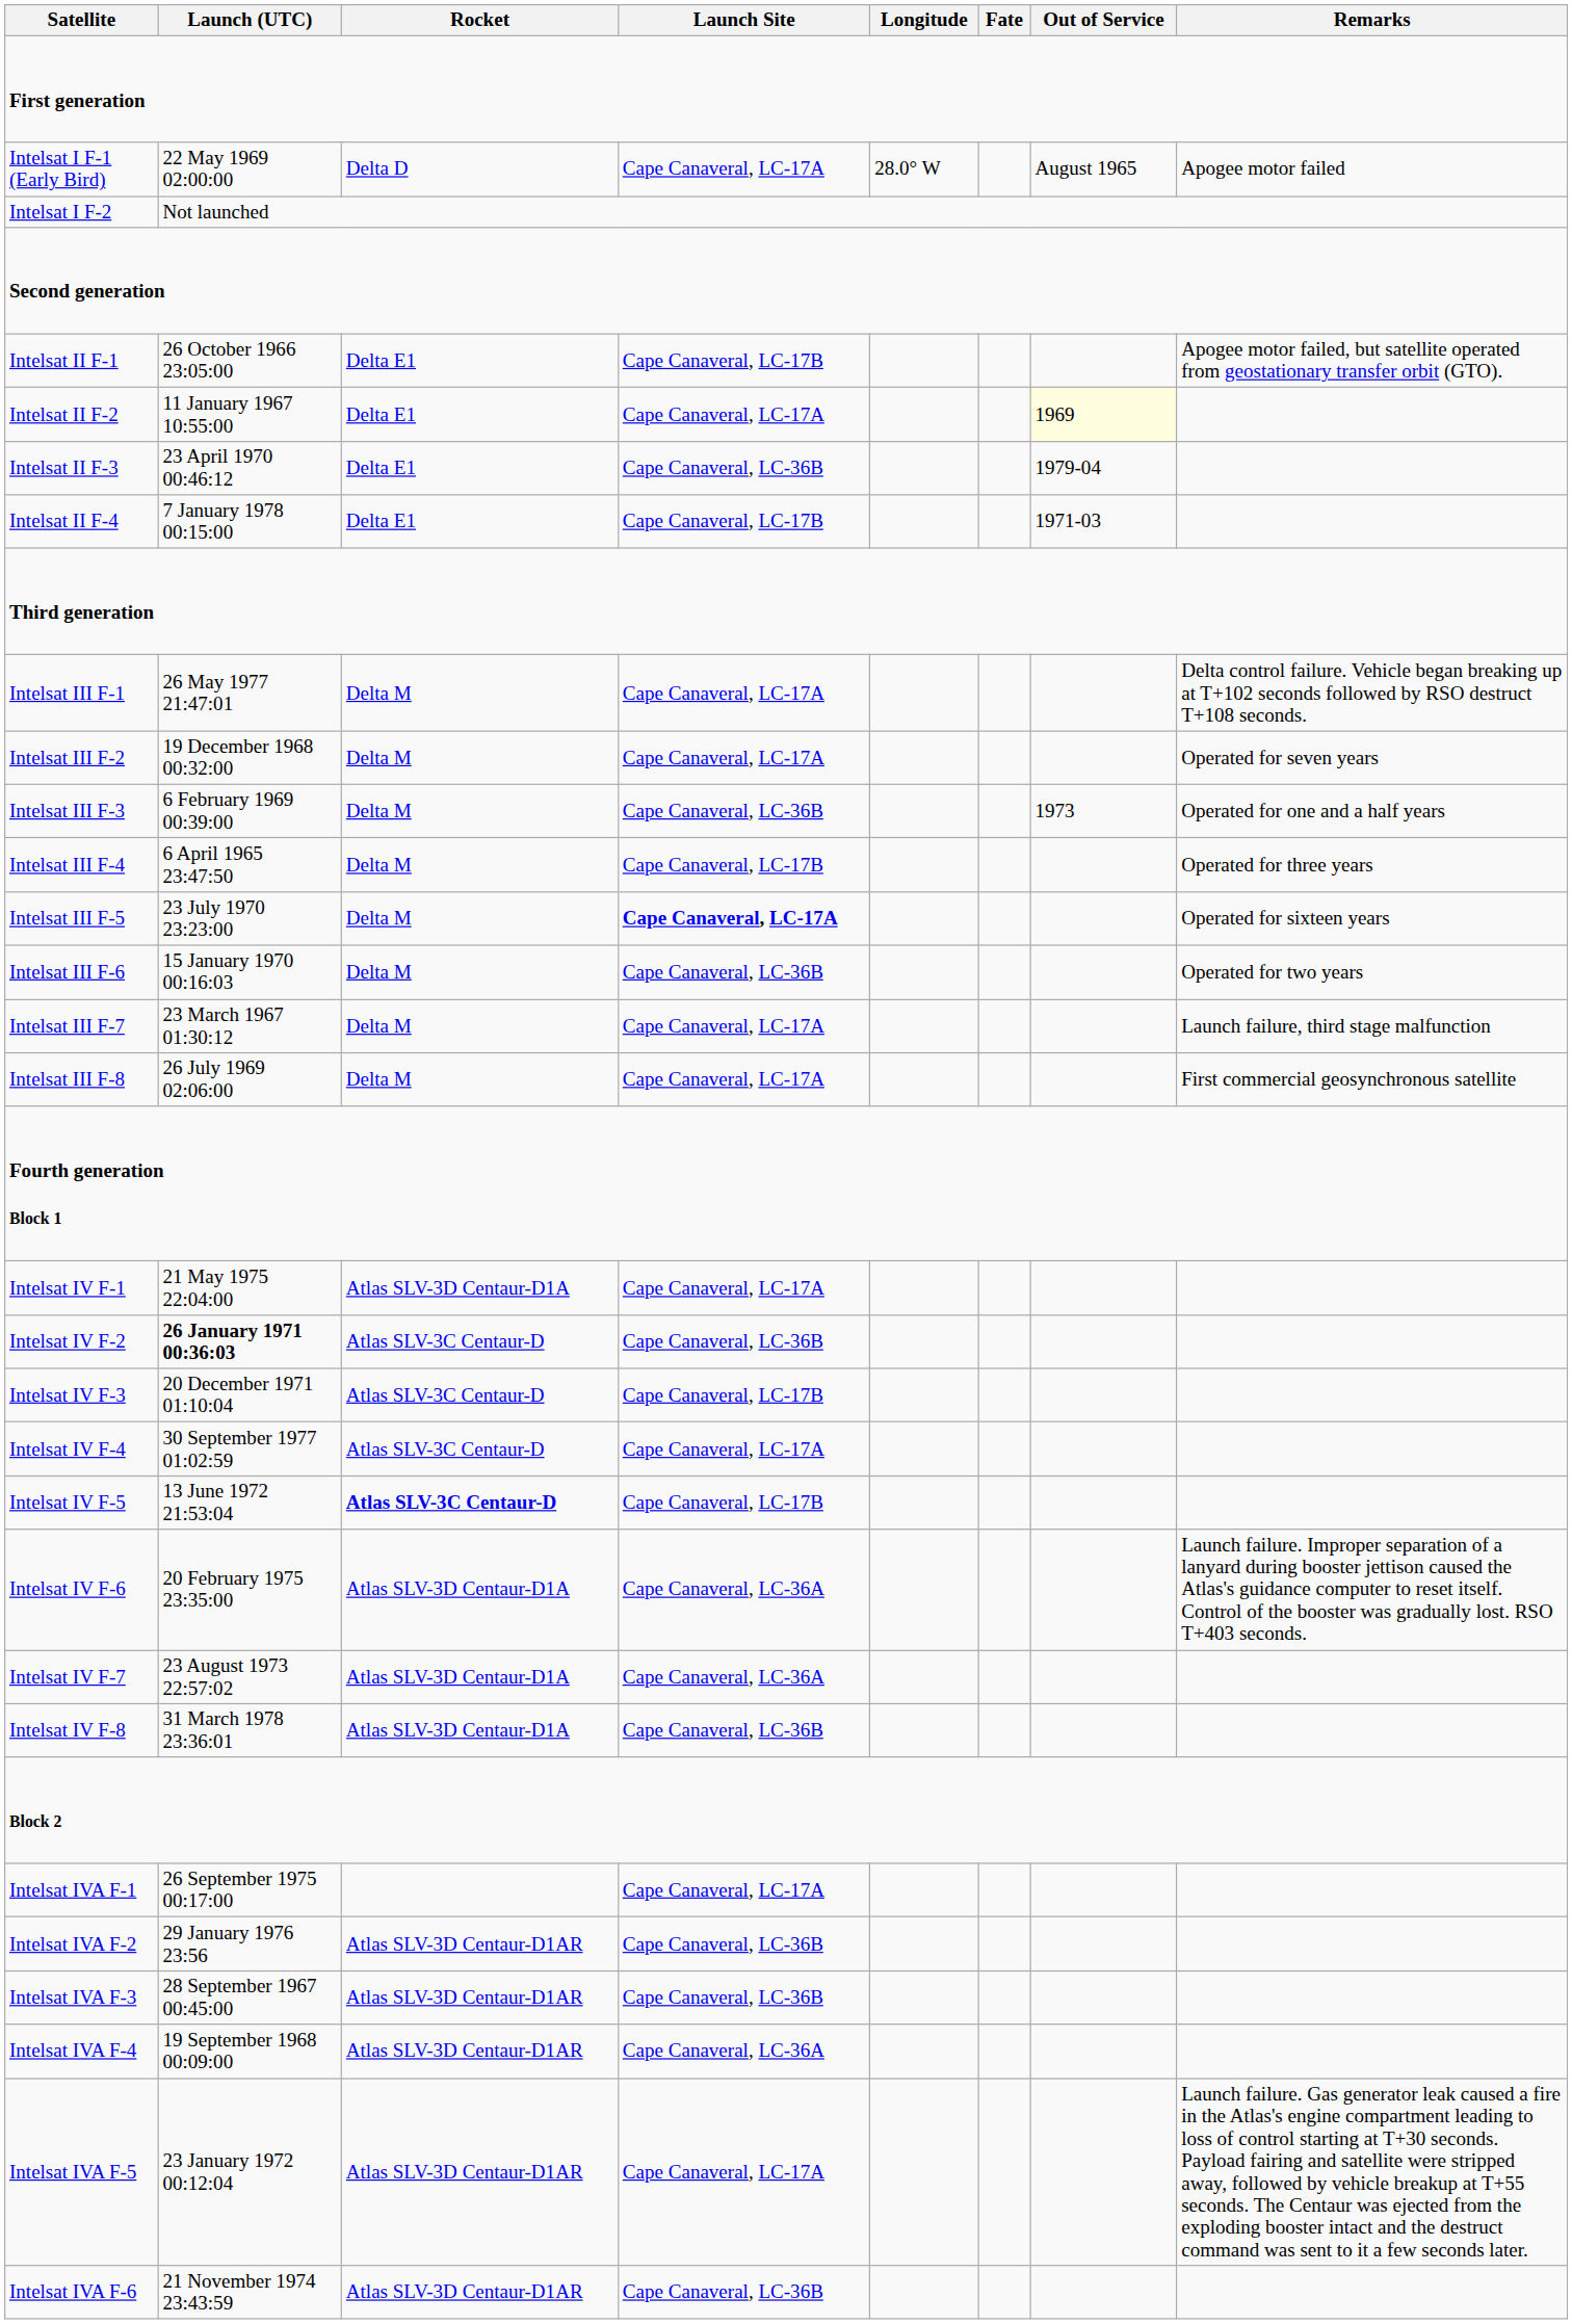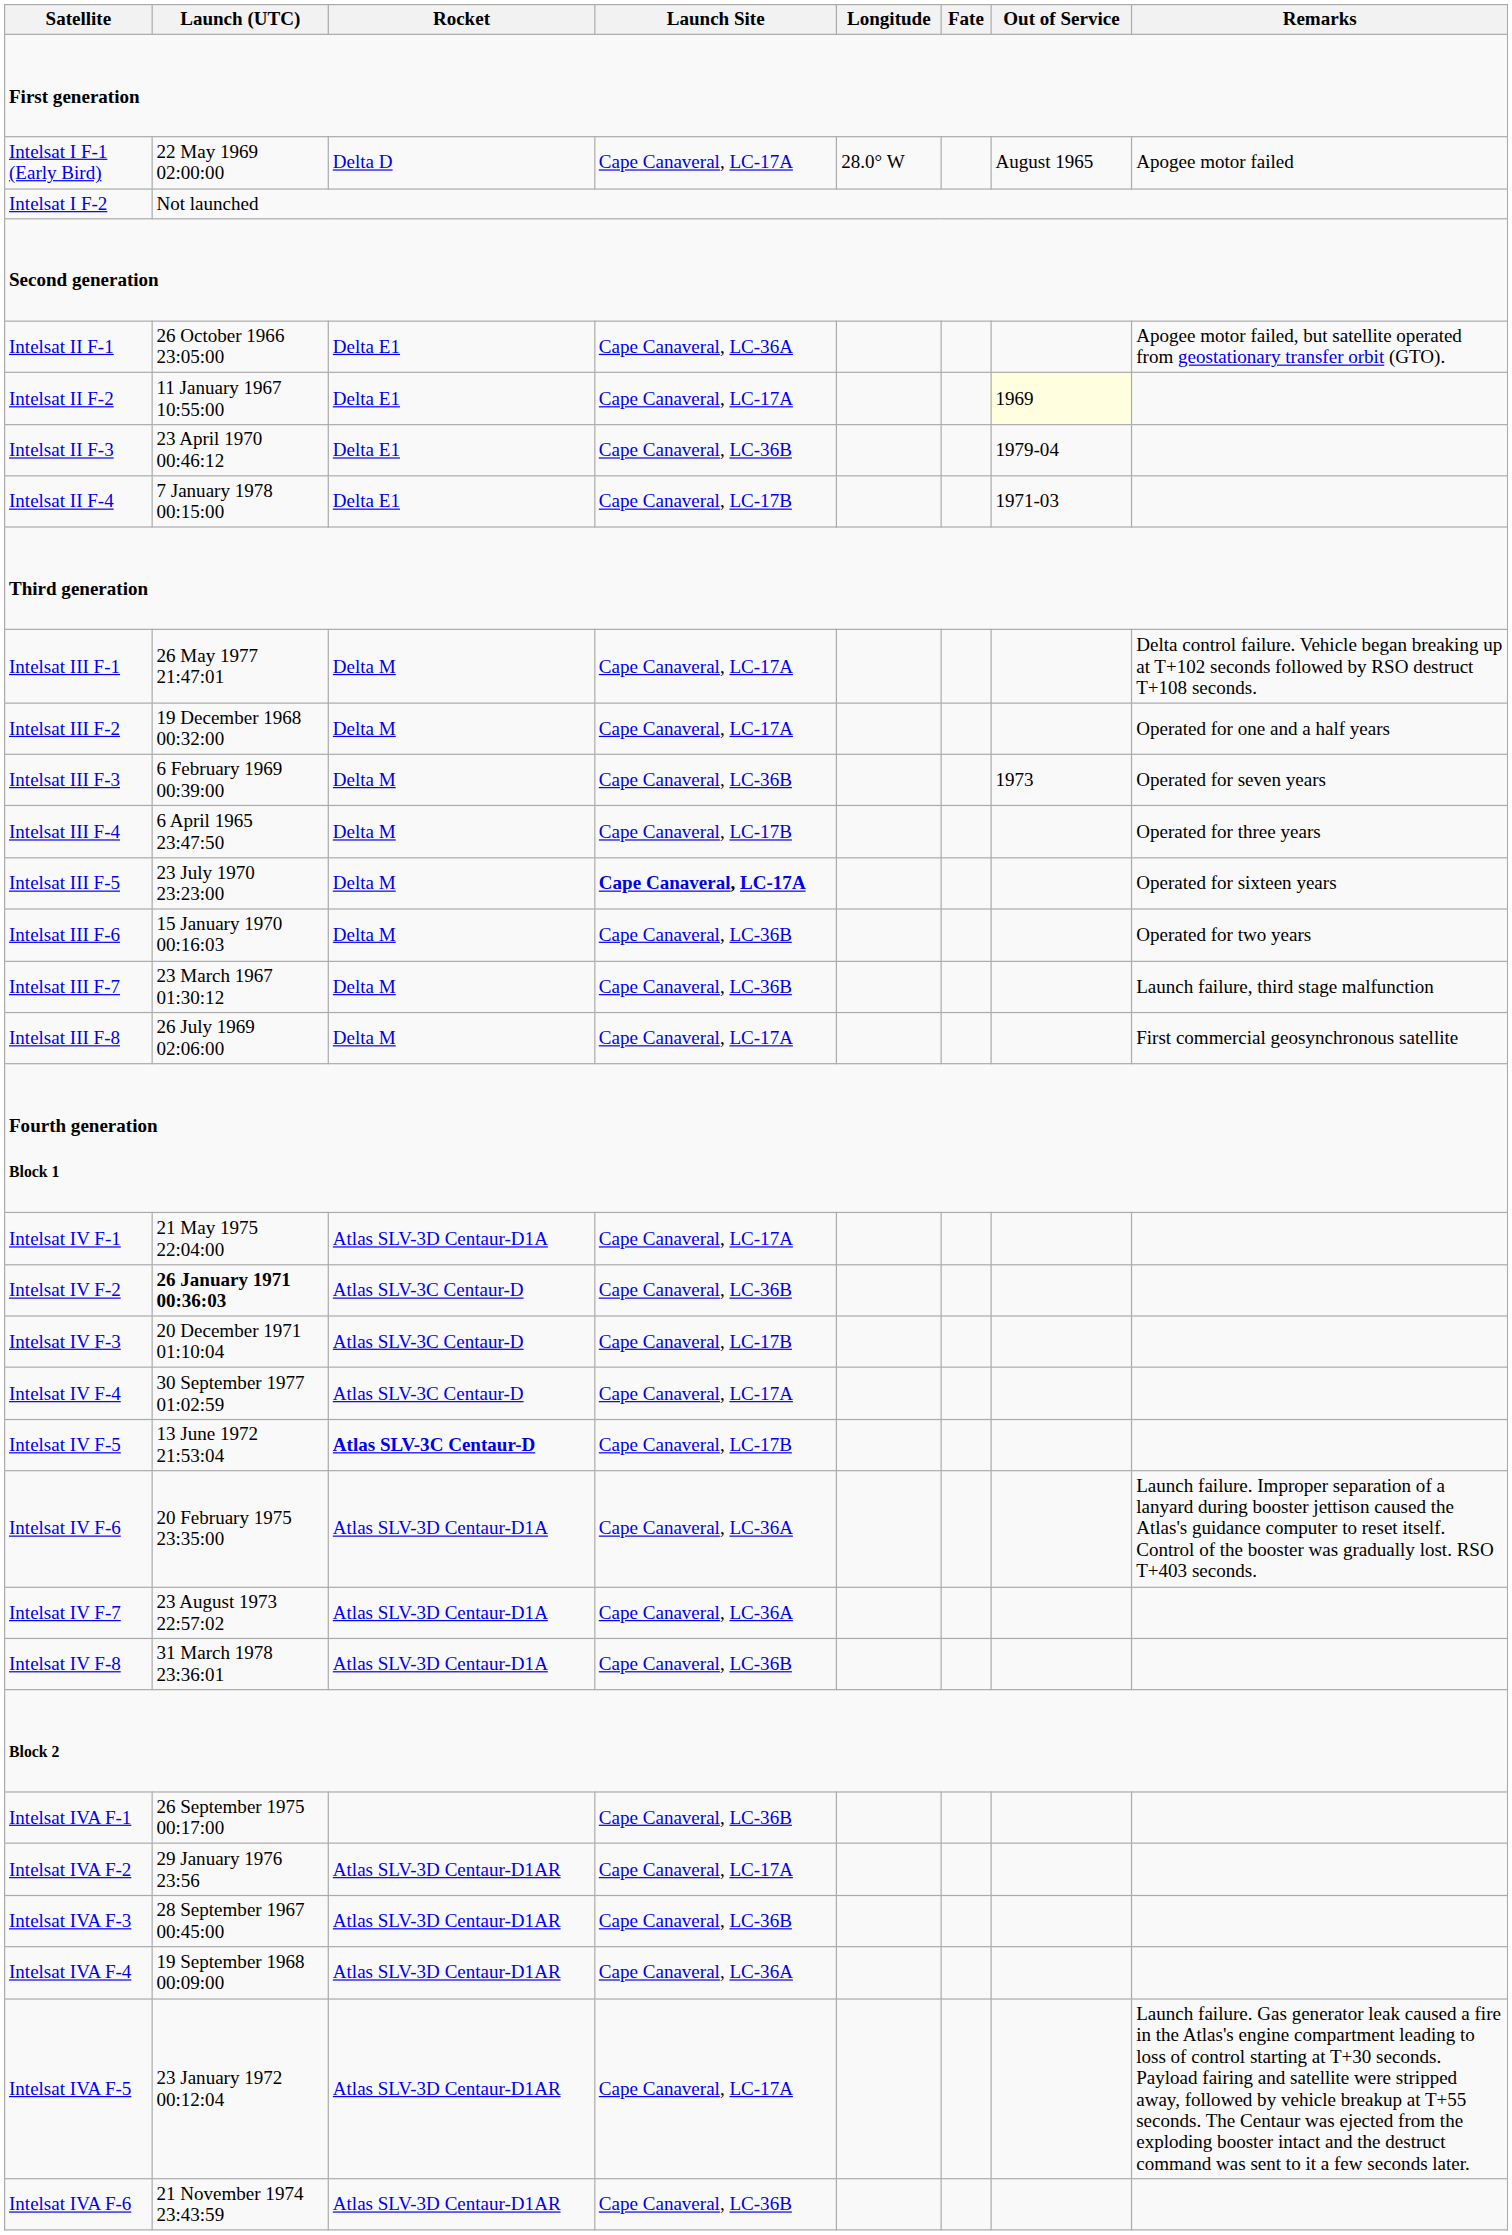 <table class = "wikitable" width="100%">
 <tr>
 <th>Satellite</th>
 <th>Launch (UTC) </th>
 <th>Rocket</th>
 <th>Launch Site</th>
 <th>Longitude </th>
 <th>Fate</th>
 <th>Out of Service</th>
 <th width="25%">Remarks</th>
 </tr>
 <tr>
 <td colspan=8><br><h4>First generation</h4></td>
 </tr>
 <tr>
 <td><a href='#'>Intelsat I F-1<br>(Early Bird)</a></td>
 <td>22 May 1969<br>02:00:00</td>
 <td><a href='#'>Delta D</a></td>
 <td><a href='#'>Cape Canaveral</a>, <a href='#'>LC-17A</a></td>
 <td>28.0° W</td>
 <td></td>
 <td>August 1965</td>
 <td>Apogee motor failed </td>
 </tr>
 <tr>
 <td><a href='#'>Intelsat I F-2</a></td>
 <td colspan=7>Not launched </td>
 </tr>
 <tr>
 <td colspan=8><br><h4>Second generation</h4></td>
 </tr>
 <tr>
 <td><a href='#'>Intelsat II F-1</a></td>
 <td>26 October 1966<br>23:05:00</td>
 <td><a href='#'>Delta E1</a></td>
-<td><a href='#'>Cape Canaveral</a>, <a href='#'>LC-17B</a></td>
+<td><a href='#'>Cape Canaveral</a>, <a href='#'>LC-36A</a></td>
 <td></td>
 <td></td>
 <td></td>
 <td>Apogee motor failed, but satellite operated from <a href='#'>geostationary transfer orbit</a> (GTO).</td>
 </tr>
 <tr>
 <td><a href='#'>Intelsat II F-2</a></td>
 <td>11 January 1967<br>10:55:00</td>
 <td><a href='#'>Delta E1</a></td>
 <td><a href='#'>Cape Canaveral</a>, <a href='#'>LC-17A</a></td>
 <td></td>
 <td></td>
 <td style="background: lightyellow;">1969</td>
 <td></td>
 </tr>
 <tr>
 <td><a href='#'>Intelsat II F-3</a></td>
 <td>23 April 1970<br>00:46:12</td>
 <td><a href='#'>Delta E1</a></td>
 <td><a href='#'>Cape Canaveral</a>, <a href='#'>LC-36B</a></td>
 <td></td>
 <td></td>
 <td>1979-04</td>
 <td></td>
 </tr>
 <tr>
 <td><a href='#'>Intelsat II F-4</a></td>
 <td>7 January 1978<br>00:15:00</td>
 <td><a href='#'>Delta E1</a></td>
 <td><a href='#'>Cape Canaveral</a>, <a href='#'>LC-17B</a></td>
 <td></td>
 <td></td>
 <td>1971-03</td>
 <td></td>
 </tr>
 <tr>
 <td colspan=8><br><h4>Third generation</h4></td>
 </tr>
 <tr>
 <td><a href='#'>Intelsat III F-1</a></td>
 <td>26 May 1977<br>21:47:01</td>
 <td><a href='#'>Delta M</a></td>
 <td><a href='#'>Cape Canaveral</a>, <a href='#'>LC-17A</a></td>
 <td></td>
 <td></td>
 <td></td>
 <td>Delta control failure. Vehicle began breaking up at T+102 seconds followed by RSO destruct T+108 seconds.</td>
 </tr>
 <tr>
 <td><a href='#'>Intelsat III F-2</a></td>
 <td>19 December 1968<br>00:32:00</td>
 <td><a href='#'>Delta M</a></td>
 <td><a href='#'>Cape Canaveral</a>, <a href='#'>LC-17A</a></td>
 <td></td>
 <td></td>
 <td></td>
-<td>Operated for seven years</td>
+<td>Operated for one and a half years </td>
 </tr>
 <tr>
 <td><a href='#'>Intelsat III F-3</a></td>
 <td>6 February 1969<br>00:39:00</td>
 <td><a href='#'>Delta M</a></td>
 <td><a href='#'>Cape Canaveral</a>, <a href='#'>LC-36B</a></td>
 <td></td>
 <td></td>
 <td>1973</td>
-<td>Operated for one and a half years </td>
+<td>Operated for seven years</td>
 </tr>
 <tr>
 <td><a href='#'>Intelsat III F-4</a></td>
 <td>6 April 1965<br>23:47:50</td>
 <td><a href='#'>Delta M</a></td>
 <td><a href='#'>Cape Canaveral</a>, <a href='#'>LC-17B</a></td>
 <td></td>
 <td></td>
 <td></td>
 <td>Operated for three years </td>
 </tr>
 <tr>
 <td><a href='#'>Intelsat III F-5</a></td>
 <td>23 July 1970<br>23:23:00</td>
 <td><a href='#'>Delta M</a></td>
 <td><strong><a href='#'>Cape Canaveral</a>, <a href='#'>LC-17A</a></strong></td>
 <td></td>
 <td></td>
 <td></td>
 <td>Operated for sixteen years</td>
 </tr>
 <tr>
 <td><a href='#'>Intelsat III F-6</a></td>
 <td>15 January 1970<br>00:16:03</td>
 <td><a href='#'>Delta M</a></td>
 <td><a href='#'>Cape Canaveral</a>, <a href='#'>LC-36B</a></td>
 <td></td>
 <td></td>
 <td></td>
 <td>Operated for two years </td>
 </tr>
 <tr>
 <td><a href='#'>Intelsat III F-7</a></td>
 <td>23 March 1967<br>01:30:12</td>
 <td><a href='#'>Delta M</a></td>
-<td><a href='#'>Cape Canaveral</a>, <a href='#'>LC-17A</a></td>
+<td><a href='#'>Cape Canaveral</a>, <a href='#'>LC-36B</a></td>
 <td></td>
 <td></td>
 <td></td>
 <td>Launch failure, third stage malfunction </td>
 </tr>
 <tr>
 <td><a href='#'>Intelsat III F-8</a></td>
 <td>26 July 1969<br>02:06:00</td>
 <td><a href='#'>Delta M</a></td>
 <td><a href='#'>Cape Canaveral</a>, <a href='#'>LC-17A</a></td>
 <td></td>
 <td></td>
 <td></td>
 <td>First commercial geosynchronous satellite</td>
 </tr>
 <tr>
 <td colspan=8><br><h4>Fourth generation</h4><h5>Block 1</h5></td>
 </tr>
 <tr>
 <td><a href='#'>Intelsat IV F-1</a></td>
 <td>21 May 1975<br>22:04:00</td>
 <td><a href='#'>Atlas SLV-3D Centaur-D1A</a></td>
 <td><a href='#'>Cape Canaveral</a>, <a href='#'>LC-17A</a></td>
 <td></td>
 <td></td>
 <td></td>
 <td></td>
 </tr>
 <tr>
 <td><a href='#'>Intelsat IV F-2</a></td>
 <td><strong>26 January 1971<br>00:36:03</strong></td>
 <td><a href='#'>Atlas SLV-3C Centaur-D</a></td>
 <td><a href='#'>Cape Canaveral</a>, <a href='#'>LC-36B</a></td>
 <td></td>
 <td></td>
 <td></td>
 <td></td>
 </tr>
 <tr>
 <td><a href='#'>Intelsat IV F-3</a></td>
 <td>20 December 1971<br>01:10:04</td>
 <td><a href='#'>Atlas SLV-3C Centaur-D</a></td>
 <td><a href='#'>Cape Canaveral</a>, <a href='#'>LC-17B</a></td>
 <td></td>
 <td></td>
 <td></td>
 <td></td>
 </tr>
 <tr>
 <td><a href='#'>Intelsat IV F-4</a></td>
 <td>30 September 1977<br>01:02:59</td>
 <td><a href='#'>Atlas SLV-3C Centaur-D</a></td>
 <td><a href='#'>Cape Canaveral</a>, <a href='#'>LC-17A</a></td>
 <td></td>
 <td></td>
 <td></td>
 <td></td>
 </tr>
 <tr>
 <td><a href='#'>Intelsat IV F-5</a></td>
 <td>13 June 1972<br>21:53:04</td>
 <td><strong><a href='#'>Atlas SLV-3C Centaur-D</a></strong></td>
 <td><a href='#'>Cape Canaveral</a>, <a href='#'>LC-17B</a></td>
 <td></td>
 <td></td>
 <td></td>
 <td></td>
 </tr>
 <tr>
 <td><a href='#'>Intelsat IV F-6</a></td>
 <td>20 February 1975<br>23:35:00</td>
 <td><a href='#'>Atlas SLV-3D Centaur-D1A</a></td>
 <td><a href='#'>Cape Canaveral</a>, <a href='#'>LC-36A</a></td>
 <td></td>
 <td></td>
 <td></td>
 <td>Launch failure. Improper separation of a lanyard during booster jettison caused the Atlas's guidance computer to reset itself. Control of the booster was gradually lost. RSO T+403 seconds.</td>
 </tr>
 <tr>
 <td><a href='#'>Intelsat IV F-7</a></td>
 <td>23 August 1973<br>22:57:02</td>
 <td><a href='#'>Atlas SLV-3D Centaur-D1A</a></td>
 <td><a href='#'>Cape Canaveral</a>, <a href='#'>LC-36A</a></td>
 <td></td>
 <td></td>
 <td></td>
 <td></td>
 </tr>
 <tr>
 <td><a href='#'>Intelsat IV F-8</a></td>
 <td>31 March 1978<br>23:36:01</td>
 <td><a href='#'>Atlas SLV-3D Centaur-D1A</a></td>
 <td><a href='#'>Cape Canaveral</a>, <a href='#'>LC-36B</a></td>
 <td></td>
 <td></td>
 <td></td>
 <td></td>
 </tr>
 <tr>
 <td colspan=8><br><h5>Block 2</h5></td>
 </tr>
 <tr>
 <td><a href='#'>Intelsat IVA F-1</a></td>
 <td>26 September 1975<br>00:17:00</td>
 <td></td>
-<td><a href='#'>Cape Canaveral</a>, <a href='#'>LC-17A</a></td>
+<td><a href='#'>Cape Canaveral</a>, <a href='#'>LC-36B</a></td>
 <td></td>
 <td></td>
 <td></td>
 <td></td>
 </tr>
 <tr>
 <td><a href='#'>Intelsat IVA F-2</a></td>
 <td>29 January 1976<br>23:56</td>
 <td><a href='#'>Atlas SLV-3D Centaur-D1AR</a></td>
-<td><a href='#'>Cape Canaveral</a>, <a href='#'>LC-36B</a></td>
+<td><a href='#'>Cape Canaveral</a>, <a href='#'>LC-17A</a></td>
 <td></td>
 <td></td>
 <td></td>
 <td></td>
 </tr>
 <tr>
 <td><a href='#'>Intelsat IVA F-3</a></td>
 <td>28 September 1967<br>00:45:00</td>
 <td><a href='#'>Atlas SLV-3D Centaur-D1AR</a></td>
 <td><a href='#'>Cape Canaveral</a>, <a href='#'>LC-36B</a></td>
 <td></td>
 <td></td>
 <td></td>
 <td></td>
 </tr>
 <tr>
 <td><a href='#'>Intelsat IVA F-4</a></td>
 <td>19 September 1968<br>00:09:00</td>
 <td><a href='#'>Atlas SLV-3D Centaur-D1AR</a></td>
 <td><a href='#'>Cape Canaveral</a>, <a href='#'>LC-36A</a></td>
 <td></td>
 <td></td>
 <td></td>
 <td></td>
 </tr>
 <tr>
 <td><a href='#'>Intelsat IVA F-5</a></td>
 <td>23 January 1972<br>00:12:04</td>
 <td><a href='#'>Atlas SLV-3D Centaur-D1AR</a></td>
 <td><a href='#'>Cape Canaveral</a>, <a href='#'>LC-17A</a></td>
 <td></td>
 <td></td>
 <td></td>
 <td>Launch failure. Gas generator leak caused a fire in the Atlas's engine compartment leading to loss of control starting at T+30 seconds. Payload fairing and satellite were stripped away, followed by vehicle breakup at T+55 seconds. The Centaur was ejected from the exploding booster intact and the destruct command was sent to it a few seconds later.</td>
 </tr>
 <tr>
 <td><a href='#'>Intelsat IVA F-6</a></td>
 <td>21 November 1974<br>23:43:59</td>
 <td><a href='#'>Atlas SLV-3D Centaur-D1AR</a></td>
 <td><a href='#'>Cape Canaveral</a>, <a href='#'>LC-36B</a></td>
 <td></td>
 <td></td>
 <td></td>
 <td></td>
 </tr>
 </table>
